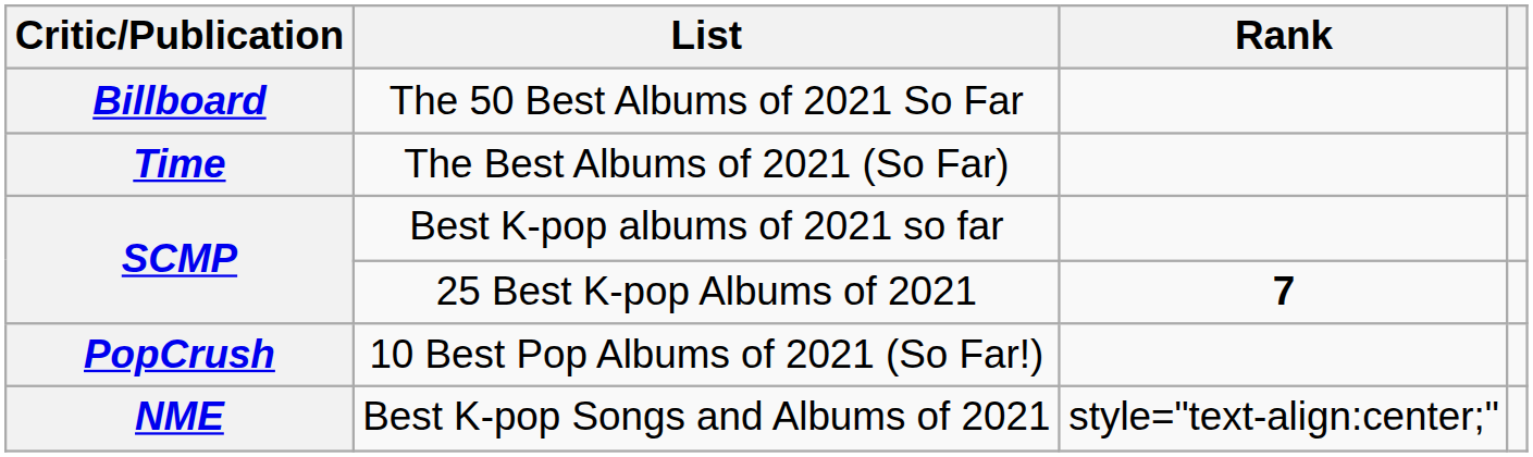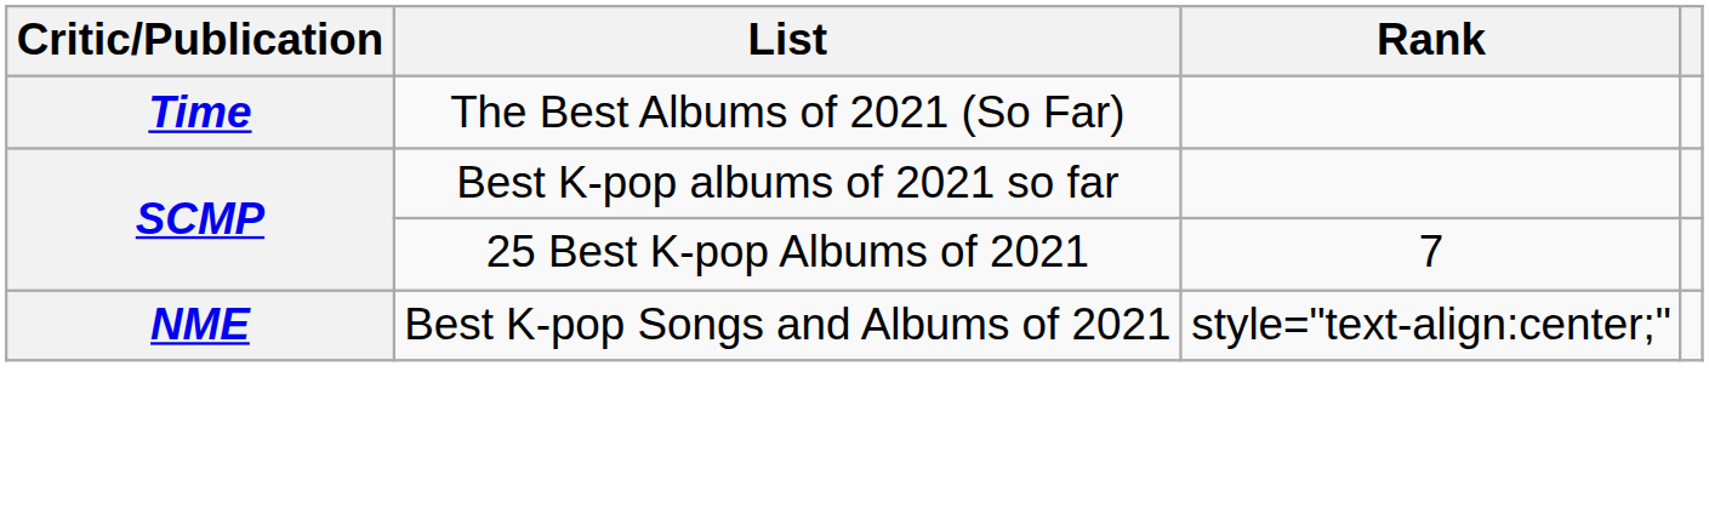 <table class="wikitable sortable plainrowheaders">
 <tr>
 <th>Critic/Publication</th>
 <th scope="col" class="unsortable">List</th>
 <th data-sort-type="number">Rank</th>
 <th scope="col" class="unsortable"></th>
-</tr>
-<tr>
-<th scope="row"><em><a href='#'>Billboard</a></em></th>
-<td align="center">The 50 Best Albums of 2021 So Far</td>
-<td></td>
-<td align="center"></td>
 </tr>
 <tr>
 <th scope="row"><em><a href='#'>Time</a></em></th>
 <td align="center">The Best Albums of 2021 (So Far)</td>
 <td></td>
 <td align="center"></td>
 </tr>
 <tr>
 <th scope="row" rowspan="2"><em><a href='#'>SCMP</a></em></th>
 <td align="center">Best K-pop albums of 2021 so far</td>
 <td></td>
 <td align="center"></td>
 </tr>
 <tr>
 <td align="center">25 Best K-pop Albums of 2021</td>
-<td style="text-align:center;"><strong>7</strong></td>
+<td style="text-align:center;">7</td>
 <td style="text-align:center;"></td>
-</tr>
-<tr>
-<th scope="row"><em><a href='#'>PopCrush</a></em></th>
-<td align="center">10 Best Pop Albums of 2021 (So Far!)</td>
-<td></td>
-<td align="center"></td>
 </tr>
 <tr>
 <th scope="row"><em><a href='#'>NME</a></em></th>
 <td>Best K-pop Songs and Albums of 2021</td>
 <td>style="text-align:center;" </td>
 <td style="text-align:center;"></td>
 </tr>
 </table>
